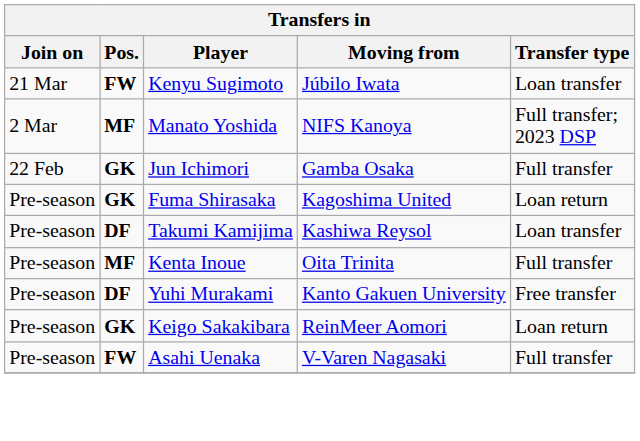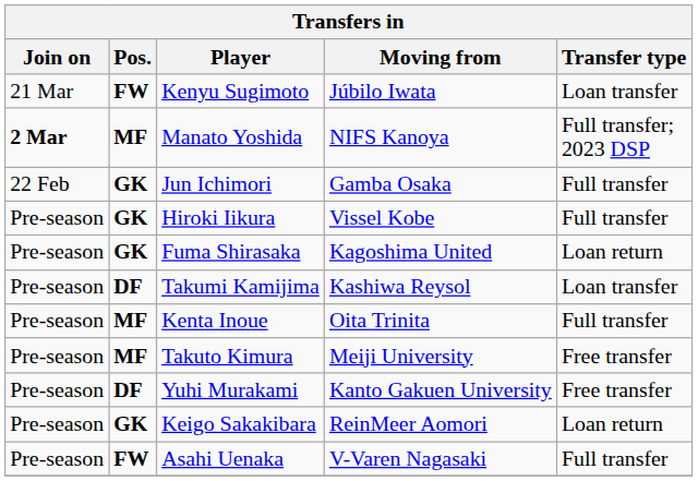 <table class="wikitable sortable" style=“text-align:left;>
 <tr>
 <th colspan="5">Transfers in</th>
 </tr>
 <tr>
 <th>Join on</th>
 <th>Pos.</th>
 <th>Player</th>
 <th>Moving from</th>
 <th>Transfer type</th>
 </tr>
 <tr>
 <td>21 Mar</td>
 <td><strong>FW</strong></td>
 <td> <a href='#'>Kenyu Sugimoto</a></td>
 <td> <a href='#'>Júbilo Iwata</a></td>
 <td>Loan transfer</td>
 </tr>
 <tr>
-<td>2 Mar</td>
+<td><strong>2 Mar</strong></td>
 <td><strong>MF</strong></td>
 <td> <a href='#'>Manato Yoshida</a></td>
 <td> <a href='#'>NIFS Kanoya</a></td>
 <td>Full transfer;<br> 2023 <a href='#'>DSP</a></td>
 </tr>
 <tr>
 <td>22 Feb</td>
 <td><strong>GK</strong></td>
 <td> <a href='#'>Jun Ichimori</a></td>
 <td> <a href='#'>Gamba Osaka</a></td>
+<td>Full transfer</td>
+</tr>
+<tr>
+<td>Pre-season</td>
+<td><strong>GK</strong></td>
+<td> <a href='#'>Hiroki Iikura</a></td>
+<td> <a href='#'>Vissel Kobe</a></td>
 <td>Full transfer</td>
 </tr>
 <tr>
 <td>Pre-season</td>
 <td><strong>GK</strong></td>
 <td> <a href='#'>Fuma Shirasaka</a></td>
 <td> <a href='#'>Kagoshima United</a></td>
 <td>Loan return</td>
 </tr>
 <tr>
 <td>Pre-season</td>
 <td><strong>DF</strong></td>
 <td> <a href='#'>Takumi Kamijima</a></td>
 <td> <a href='#'>Kashiwa Reysol</a></td>
 <td>Loan transfer</td>
 </tr>
 <tr>
 <td>Pre-season</td>
 <td><strong>MF</strong></td>
 <td> <a href='#'>Kenta Inoue</a></td>
 <td> <a href='#'>Oita Trinita</a></td>
 <td>Full transfer</td>
 </tr>
 <tr>
 <td>Pre-season</td>
+<td><strong>MF</strong></td>
+<td> <a href='#'>Takuto Kimura</a></td>
+<td> <a href='#'>Meiji University</a></td>
+<td>Free transfer</td>
+</tr>
+<tr>
+<td>Pre-season</td>
 <td><strong>DF</strong></td>
 <td> <a href='#'>Yuhi Murakami</a></td>
 <td> <a href='#'>Kanto Gakuen University</a></td>
 <td>Free transfer</td>
 </tr>
 <tr>
 <td>Pre-season</td>
 <td><strong>GK</strong></td>
 <td> <a href='#'>Keigo Sakakibara</a></td>
 <td> <a href='#'>ReinMeer Aomori</a></td>
 <td>Loan return</td>
 </tr>
 <tr>
 <td>Pre-season</td>
 <td><strong>FW</strong></td>
 <td> <a href='#'>Asahi Uenaka</a></td>
 <td> <a href='#'>V-Varen Nagasaki</a></td>
 <td>Full transfer</td>
 </tr>
 <tr>
 </tr>
 </table>
